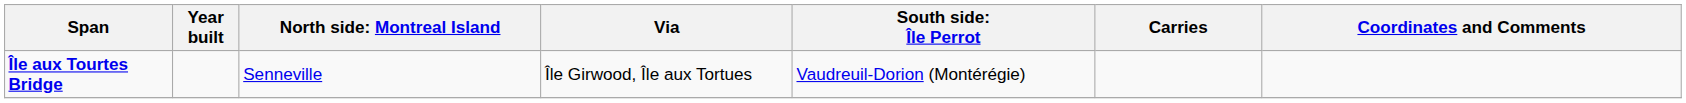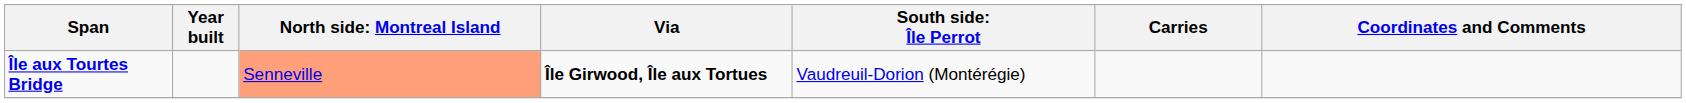 <table class=wikitable>
 <tr>
 <th width="10%">Span</th>
 <th width="4%">Year built</th>
 <th width="18%">North side: <a href='#'>Montreal Island</a></th>
 <th width="15%">Via</th>
 <th width="18%">South side:<br><a href='#'>Île Perrot</a></th>
 <th width="10%">Carries</th>
 <th width="25%"><a href='#'>Coordinates</a> and Comments</th>
 </tr>
 <tr>
 <td><strong><a href='#'>Île aux Tourtes Bridge</a></strong></td>
 <td></td>
-<td><a href='#'>Senneville</a></td>
-<td>Île Girwood, Île aux Tortues</td>
+<td style="background: lightsalmon;"><a href='#'>Senneville</a></td>
+<td><strong>Île Girwood, Île aux Tortues</strong></td>
 <td><a href='#'>Vaudreuil-Dorion</a> (Montérégie)</td>
 <td></td>
 <td></td>
 </tr>
 <tr>
 </tr>
 </table>
